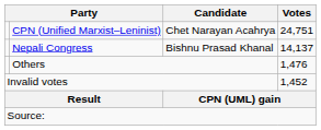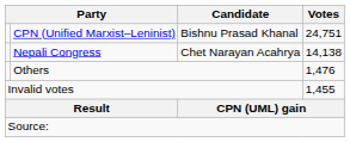 <table class="wikitable">
 <tr>
 <th colspan="2">Party</th>
 <th>Candidate</th>
 <th>Votes</th>
 </tr>
 <tr>
 <td style="background-color:"></td>
 <td><a href='#'>CPN (Unified Marxist–Leninist)</a></td>
-<td>Chet Narayan Acahrya</td>
+<td>Bishnu Prasad Khanal</td>
 <td>24,751</td>
 </tr>
 <tr>
 <td style="background-color:"></td>
 <td><a href='#'>Nepali Congress</a></td>
-<td>Bishnu Prasad Khanal</td>
-<td>14,137</td>
+<td>Chet Narayan Acahrya</td>
+<td>14,138</td>
 </tr>
 <tr>
 <td></td>
 <td colspan="2">Others</td>
 <td>1,476</td>
 </tr>
 <tr>
 <td colspan="3">Invalid votes</td>
-<td>1,452</td>
+<td>1,455</td>
 </tr>
 <tr>
 <th colspan="2">Result</th>
 <th colspan="2">CPN (UML) gain</th>
 </tr>
 <tr>
 <td colspan="4">Source: </td>
 </tr>
 </table>
